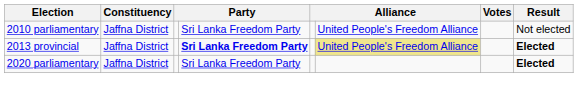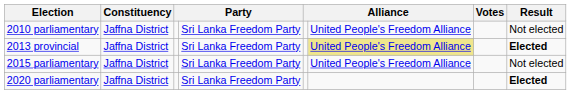 <table class="wikitable" style="text-align:left;">
 <tr>
 <th scope=col>Election</th>
 <th scope=col>Constituency</th>
 <th scope=col colspan="2">Party</th>
 <th scope=col colspan="2">Alliance</th>
 <th scope=col>Votes</th>
 <th scope=col>Result</th>
 </tr>
 <tr>
 <td><a href='#'>2010 parliamentary</a></td>
 <td><a href='#'>Jaffna District</a></td>
 <td style="background:"></td>
 <td><a href='#'>Sri Lanka Freedom Party</a></td>
 <td style="background:"></td>
 <td><a href='#'>United People's Freedom Alliance</a></td>
 <td align=right></td>
 <td>Not elected</td>
 </tr>
 <tr>
 <td><a href='#'>2013 provincial</a></td>
 <td><a href='#'>Jaffna District</a></td>
 <td style="background:"></td>
-<td><strong><a href='#'>Sri Lanka Freedom Party</a></strong></td>
+<td><a href='#'>Sri Lanka Freedom Party</a></td>
 <td style="background:"></td>
 <td style="background: khaki;"><a href='#'>United People's Freedom Alliance</a></td>
 <td align=right></td>
 <td><strong>Elected</strong></td>
+</tr>
+<tr>
+<td><a href='#'>2015 parliamentary</a></td>
+<td><a href='#'>Jaffna District</a></td>
+<td style="background:"></td>
+<td><a href='#'>Sri Lanka Freedom Party</a></td>
+<td style="background:"></td>
+<td><a href='#'>United People's Freedom Alliance</a></td>
+<td></td>
+<td>Not elected</td>
 </tr>
 <tr>
 <td><a href='#'>2020 parliamentary</a></td>
 <td><a href='#'>Jaffna District</a></td>
 <td style="background:"></td>
 <td><a href='#'>Sri Lanka Freedom Party</a></td>
 <td></td>
 <td></td>
 <td align=right></td>
 <td><strong>Elected</strong></td>
 </tr>
 </table>
